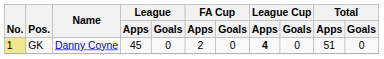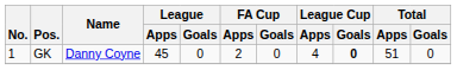 <table class="wikitable" style="text-align:center">
 <tr>
 <th rowspan="2" valign="bottom">No.</th>
 <th rowspan="2" valign="bottom">Pos.</th>
 <th rowspan="2">Name</th>
 <th colspan="2" width="85">League</th>
 <th colspan="2" width="85">FA Cup</th>
 <th colspan="2" width="85">League Cup</th>
 <th colspan="2" width="85">Total</th>
 </tr>
 <tr>
 <th>Apps</th>
 <th>Goals</th>
 <th>Apps</th>
 <th>Goals</th>
 <th>Apps</th>
 <th>Goals</th>
 <th>Apps</th>
 <th>Goals</th>
 </tr>
 <tr>
-<td align="left" style="background: khaki;">1</td>
+<td align="left">1</td>
 <td align="left">GK</td>
 <td align="left"> <a href='#'>Danny Coyne</a></td>
 <td>45</td>
 <td>0</td>
 <td>2</td>
 <td>0</td>
-<td><strong>4</strong></td>
-<td>0</td>
+<td>4</td>
+<td><strong>0</strong></td>
 <td>51</td>
 <td>0</td>
 </tr>
 <tr>
 </tr>
 </table>
